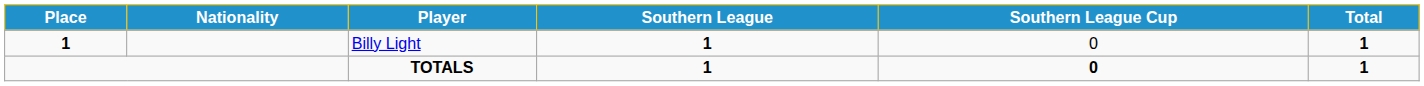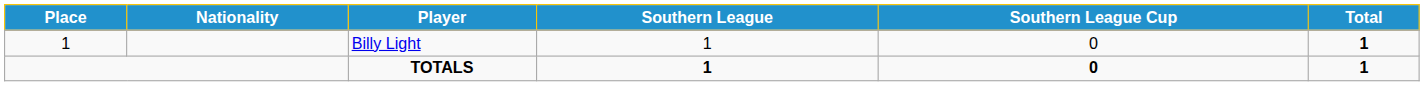 <table class="wikitable" style="text-align:center; font-size:90%; width:100%;">
 <tr>
 <th style="background:#2191CC; color:white; border:1px solid #F7C408; text-align:center;">Place</th>
 <th style="background:#2191CC; color:white; border:1px solid #F7C408; text-align:center;">Nationality</th>
 <th style="background:#2191CC; color:white; border:1px solid #F7C408; text-align:center;">Player</th>
 <th style="background:#2191CC; color:white; border:1px solid #F7C408; text-align:center;">Southern League</th>
 <th style="background:#2191CC; color:white; border:1px solid #F7C408; text-align:center;">Southern League Cup</th>
 <th style="background:#2191CC; color:white; border:1px solid #F7C408; text-align:center;">Total</th>
 </tr>
 <tr>
 </tr>
 <tr>
-<td><strong>1</strong></td>
+<td>1</td>
 <td></td>
 <td align="left"><a href='#'>Billy Light</a></td>
-<td><strong>1</strong></td>
+<td>1</td>
 <td>0</td>
 <td><strong>1</strong></td>
 </tr>
 <tr>
 <td colspan="2"></td>
 <td><strong>TOTALS</strong></td>
 <td><strong>1</strong></td>
 <td><strong>0</strong></td>
 <td><strong>1</strong></td>
 </tr>
 </table>
